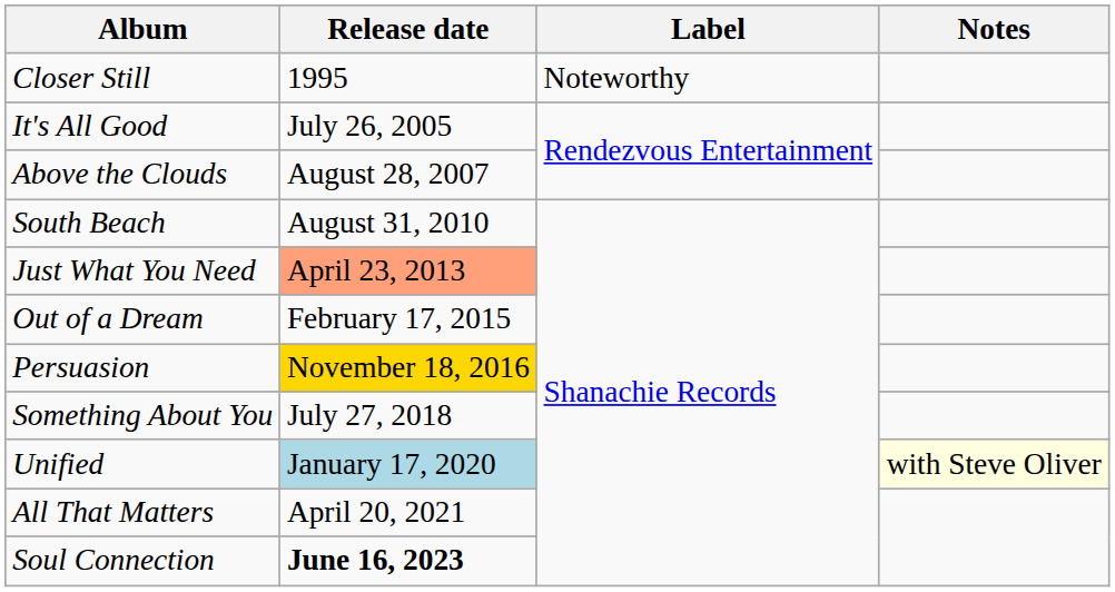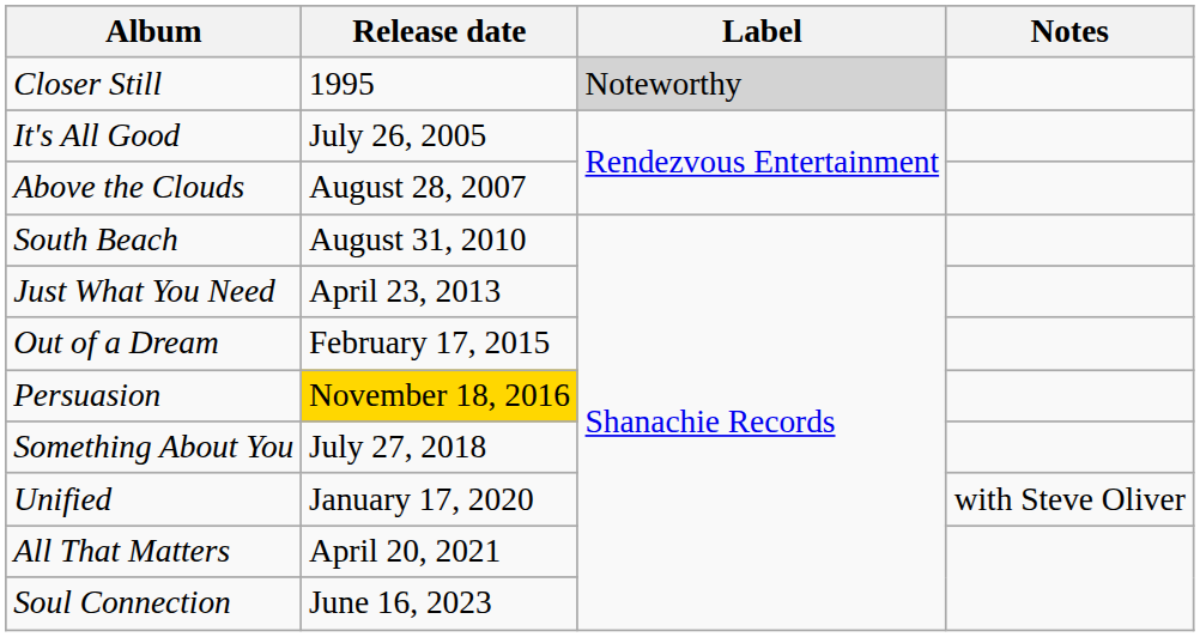 <table class="wikitable">
 <tr>
 <th>Album</th>
 <th>Release date</th>
 <th>Label</th>
 <th>Notes</th>
 </tr>
 <tr>
 <td><em>Closer Still</em></td>
 <td>1995</td>
-<td>Noteworthy</td>
+<td style="background: lightgrey;">Noteworthy</td>
 <td></td>
 </tr>
 <tr>
 <td><em>It's All Good</em></td>
 <td>July 26, 2005</td>
 <td rowspan="2"><a href='#'>Rendezvous Entertainment</a></td>
 <td></td>
 </tr>
 <tr>
 <td><em>Above the Clouds</em></td>
 <td>August 28, 2007</td>
 <td></td>
 </tr>
 <tr>
 <td><em>South Beach</em></td>
 <td>August 31, 2010</td>
 <td rowspan="8"><a href='#'>Shanachie Records</a></td>
 <td></td>
 </tr>
 <tr>
 <td><em>Just What You Need</em></td>
-<td style="background: lightsalmon;">April 23, 2013</td>
+<td>April 23, 2013</td>
 <td></td>
 </tr>
 <tr>
 <td><em>Out of a Dream</em></td>
 <td>February 17, 2015</td>
 <td></td>
 </tr>
 <tr>
 <td><em>Persuasion</em></td>
 <td style="background: gold;">November 18, 2016</td>
 <td></td>
 </tr>
 <tr>
 <td><em>Something About You</em></td>
 <td>July 27, 2018</td>
 <td></td>
 </tr>
 <tr>
 <td><em>Unified</em></td>
-<td style="background: lightblue;">January 17, 2020</td>
-<td style="background: lightyellow;">with Steve Oliver</td>
+<td>January 17, 2020</td>
+<td>with Steve Oliver</td>
 </tr>
 <tr>
 <td><em>All That Matters</em></td>
 <td>April 20, 2021</td>
 </tr>
 <tr>
 <td><em>Soul Connection</em></td>
-<td><strong>June 16, 2023</strong></td>
+<td>June 16, 2023</td>
 </tr>
 </table>
